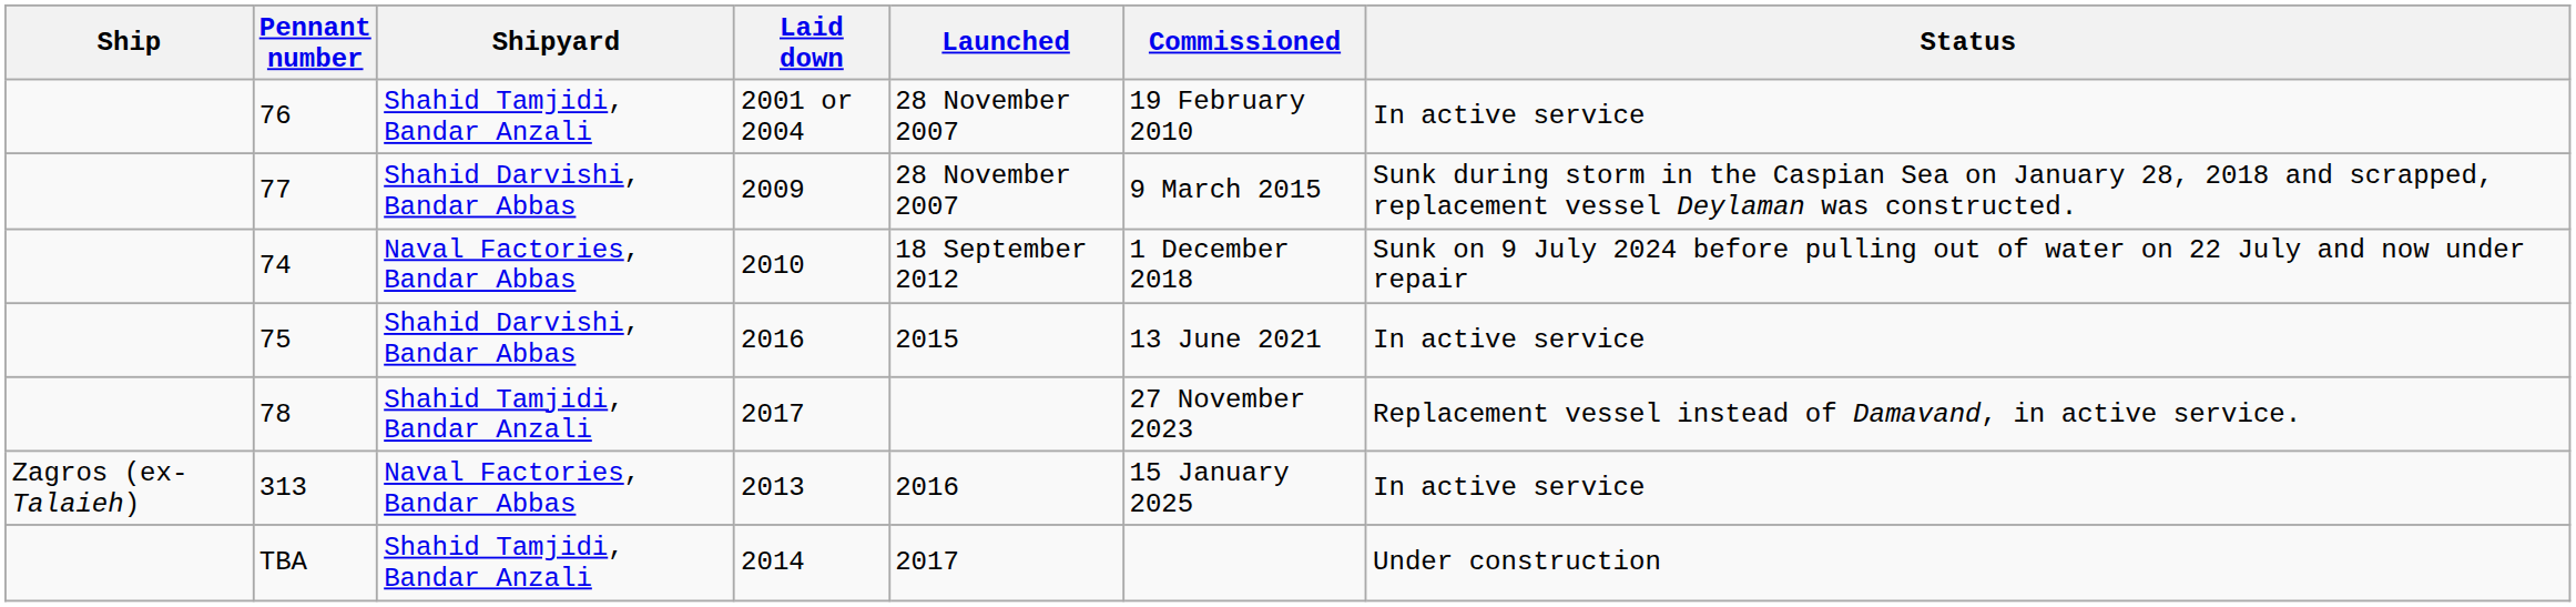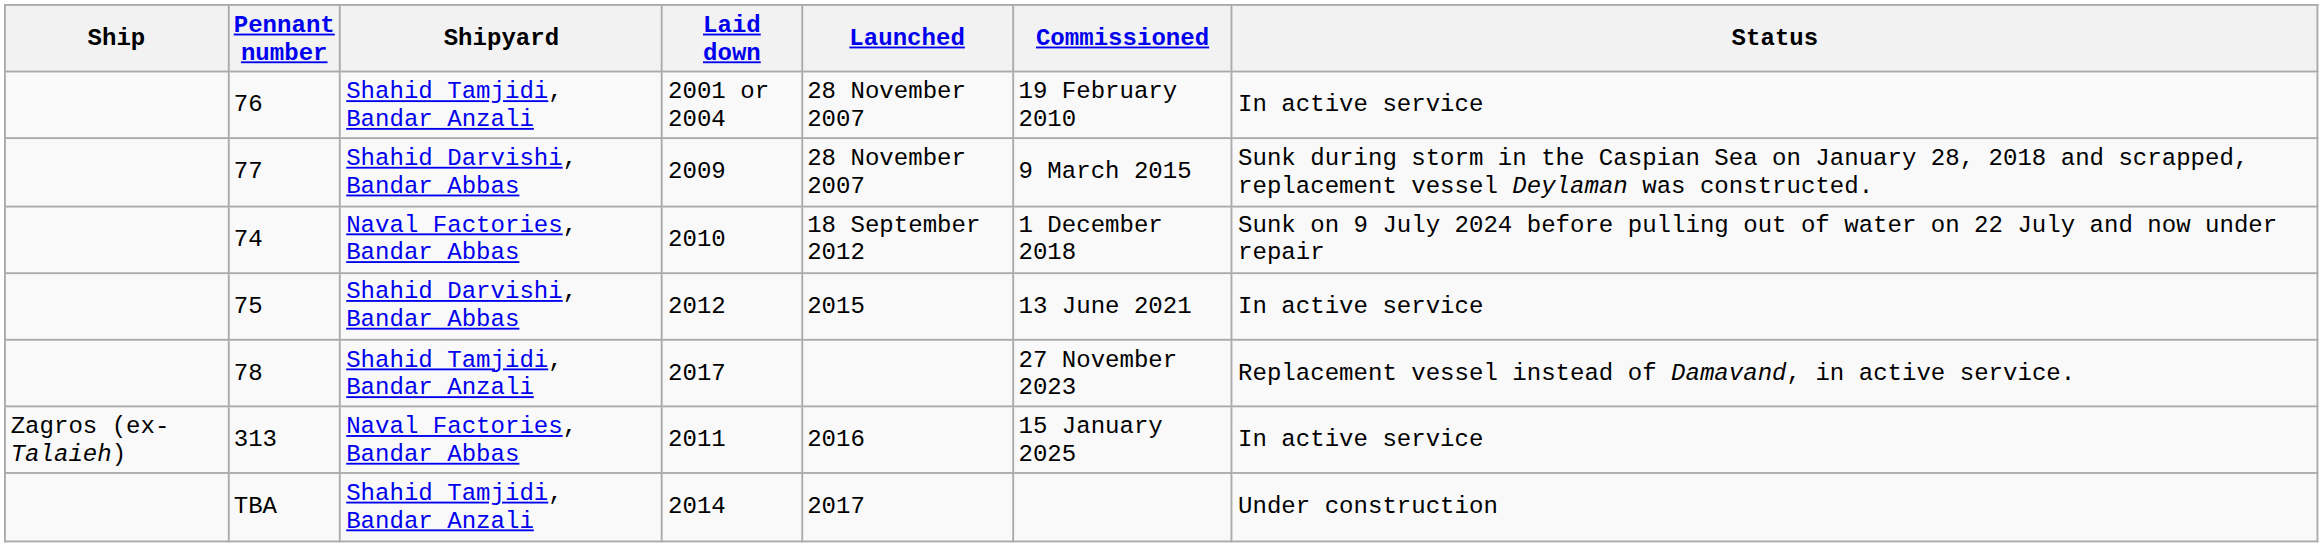 <table class="wikitable">
 <tr>
 <th>Ship</th>
 <th><a href='#'>Pennant<br>number</a></th>
 <th>Shipyard</th>
 <th><a href='#'>Laid down</a></th>
 <th><a href='#'>Launched</a></th>
 <th><a href='#'>Commissioned</a></th>
 <th>Status</th>
 </tr>
 <tr>
 <td style="text-align:left"></td>
 <td>76</td>
 <td><a href='#'>Shahid Tamjidi</a>, <a href='#'>Bandar Anzali</a></td>
 <td>2001 or 2004</td>
 <td>28 November 2007</td>
 <td>19 February 2010</td>
 <td>In active service</td>
 </tr>
 <tr>
 <td style="text-align:left"></td>
 <td>77</td>
 <td><a href='#'>Shahid Darvishi</a>, <a href='#'>Bandar Abbas</a></td>
 <td>2009</td>
 <td>28 November 2007</td>
 <td>9 March 2015</td>
 <td>Sunk during storm in the Caspian Sea on January 28, 2018 and scrapped, replacement vessel <em>Deylaman</em> was constructed.</td>
 </tr>
 <tr>
 <td style="text-align:left"></td>
 <td>74</td>
 <td><a href='#'>Naval Factories</a>, <a href='#'>Bandar Abbas</a></td>
 <td>2010</td>
 <td>18 September 2012</td>
 <td>1 December 2018</td>
 <td>Sunk on 9 July 2024 before pulling out of water on 22 July and now under repair</td>
 </tr>
 <tr>
 <td style="text-align:left"></td>
 <td>75</td>
 <td><a href='#'>Shahid Darvishi</a>, <a href='#'>Bandar Abbas</a></td>
-<td>2016</td>
+<td>2012</td>
 <td>2015</td>
 <td>13 June 2021</td>
 <td>In active service</td>
 </tr>
 <tr>
 <td style="text-align:left"></td>
 <td>78</td>
 <td><a href='#'>Shahid Tamjidi</a>, <a href='#'>Bandar Anzali</a></td>
 <td>2017</td>
 <td></td>
 <td>27 November 2023</td>
 <td>Replacement vessel instead of <em>Damavand</em>, in active service.</td>
 </tr>
 <tr>
 <td style="text-align:left">Zagros (ex-<em>Talaieh</em>)</td>
 <td>313</td>
 <td><a href='#'>Naval Factories</a>, <a href='#'>Bandar Abbas</a></td>
-<td>2013</td>
+<td>2011</td>
 <td>2016</td>
 <td>15 January 2025</td>
 <td>In active service</td>
 </tr>
 <tr>
 <td style="text-align:left"></td>
 <td>TBA</td>
 <td><a href='#'>Shahid Tamjidi</a>, <a href='#'>Bandar Anzali</a></td>
 <td>2014</td>
 <td>2017</td>
 <td></td>
 <td>Under construction</td>
 </tr>
 </table>
